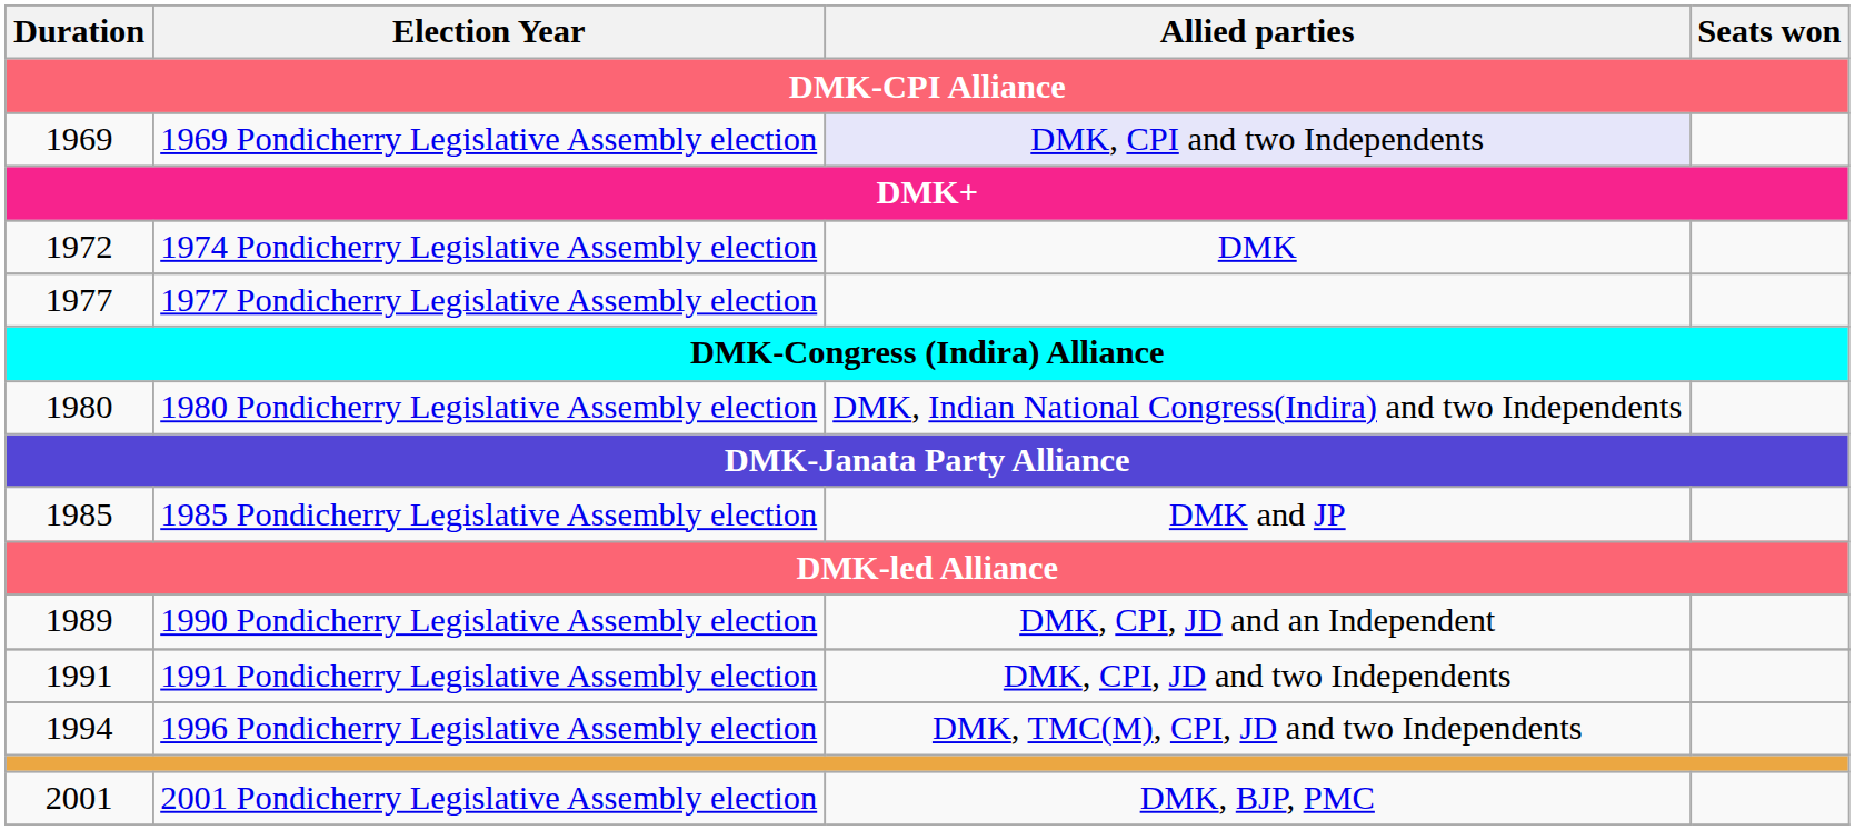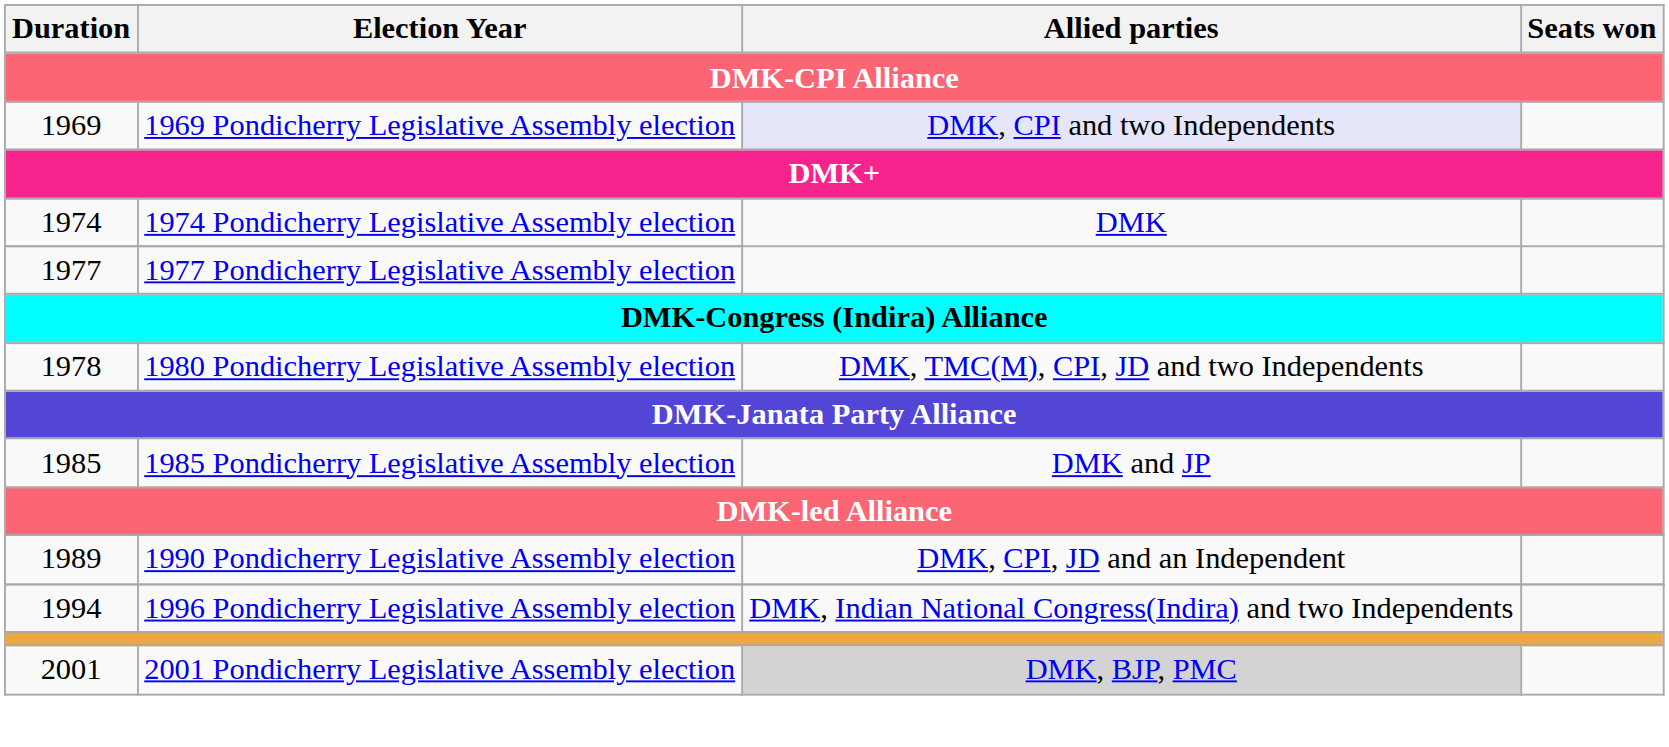 <table class="wikitable">
 <tr>
 <th>Duration</th>
 <th>Election Year</th>
 <th>Allied parties</th>
 <th>Seats won</th>
 </tr>
 <tr style="text-align:center;">
 <th colspan=4 style="text-align:center;vertical-align:middle;background-color:#fc6574;color:white">DMK-CPI Alliance</th>
 </tr>
 <tr style="text-align:center;">
 <td>1969</td>
 <td><a href='#'>1969 Pondicherry Legislative Assembly election</a></td>
 <td style="background: lavender;"><a href='#'>DMK</a>, <a href='#'>CPI</a> and two Independents</td>
 <td></td>
 </tr>
 <tr style="text-align:center;">
 <th colspan=4 style="text-align:center;vertical-align:middle;background-color:#f7238d;color:white">DMK+</th>
 </tr>
 <tr style="text-align:center;">
-<td>1972</td>
+<td>1974</td>
 <td><a href='#'>1974 Pondicherry Legislative Assembly election</a></td>
 <td rowspan=2><a href='#'>DMK</a></td>
 <td></td>
 </tr>
 <tr style="text-align:center;">
 </tr>
 <tr style="text-align:center;">
 <td>1977</td>
 <td><a href='#'>1977 Pondicherry Legislative Assembly election</a></td>
 <td></td>
 </tr>
 <tr style="text-align:center;">
 <th colspan=4 style="text-align:center;vertical-align:middle;background-color:#00FFFF;">DMK-Congress (Indira) Alliance</th>
 </tr>
 <tr style="text-align:center;">
-<td>1980</td>
+<td>1978</td>
 <td><a href='#'>1980 Pondicherry Legislative Assembly election</a></td>
-<td><a href='#'>DMK</a>, <a href='#'>Indian National Congress(Indira)</a> and two Independents</td>
+<td><a href='#'>DMK</a>, <a href='#'>TMC(M)</a>, <a href='#'>CPI</a>, <a href='#'>JD</a> and two Independents</td>
 <td></td>
 </tr>
 <tr style="text-align:center;">
 <th colspan=4 style="text-align:center;vertical-align:middle;background-color:#5345d6;color:white">DMK-Janata Party Alliance</th>
 </tr>
 <tr style="text-align:center;">
 <td>1985</td>
 <td><a href='#'>1985 Pondicherry Legislative Assembly election</a></td>
 <td><a href='#'>DMK</a> and <a href='#'>JP</a></td>
 <td></td>
 </tr>
 <tr style="text-align:center;">
 <th colspan=4 style="text-align:center;vertical-align:middle;background-color:#fc6574;color:white">DMK-led Alliance</th>
 </tr>
 <tr style="text-align:center;">
 <td>1989</td>
 <td><a href='#'>1990 Pondicherry Legislative Assembly election</a></td>
 <td><a href='#'>DMK</a>, <a href='#'>CPI</a>, <a href='#'>JD</a> and an Independent</td>
 <td></td>
 </tr>
 <tr style="text-align:center;">
 </tr>
 <tr style="text-align:center;">
-<td>1991</td>
-<td><a href='#'>1991 Pondicherry Legislative Assembly election</a></td>
-<td><a href='#'>DMK</a>, <a href='#'>CPI</a>, <a href='#'>JD</a> and two Independents</td>
-<td></td>
-</tr>
-<tr style="text-align:center;">
 </tr>
 <tr style="text-align:center;">
 <td>1994</td>
 <td><a href='#'>1996 Pondicherry Legislative Assembly election</a></td>
-<td><a href='#'>DMK</a>, <a href='#'>TMC(M)</a>, <a href='#'>CPI</a>, <a href='#'>JD</a> and two Independents</td>
+<td><a href='#'>DMK</a>, <a href='#'>Indian National Congress(Indira)</a> and two Independents</td>
 <td></td>
 </tr>
 <tr style="text-align:center;">
 <th colspan=4 style="text-align:center;vertical-align:middle;background-color:#eba742;color:white;"><a href='#'></a></th>
 </tr>
 <tr style="text-align:center;">
 <td>2001</td>
 <td><a href='#'>2001 Pondicherry Legislative Assembly election</a></td>
-<td><a href='#'>DMK</a>, <a href='#'>BJP</a>, <a href='#'>PMC</a></td>
+<td style="background: lightgrey;"><a href='#'>DMK</a>, <a href='#'>BJP</a>, <a href='#'>PMC</a></td>
 <td></td>
 </tr>
 </table>
